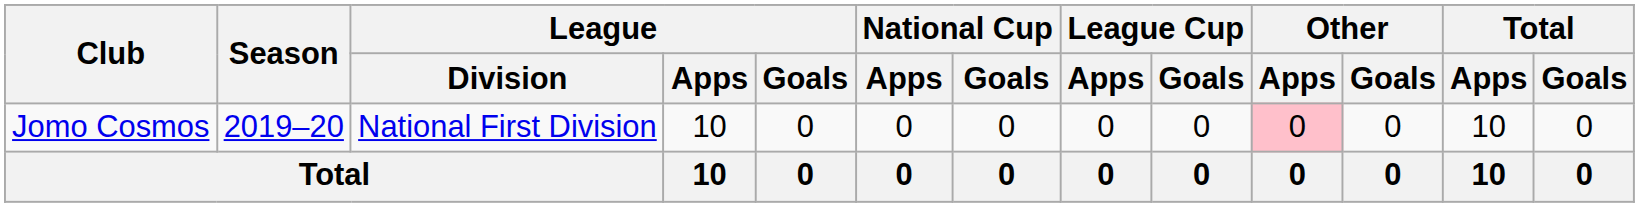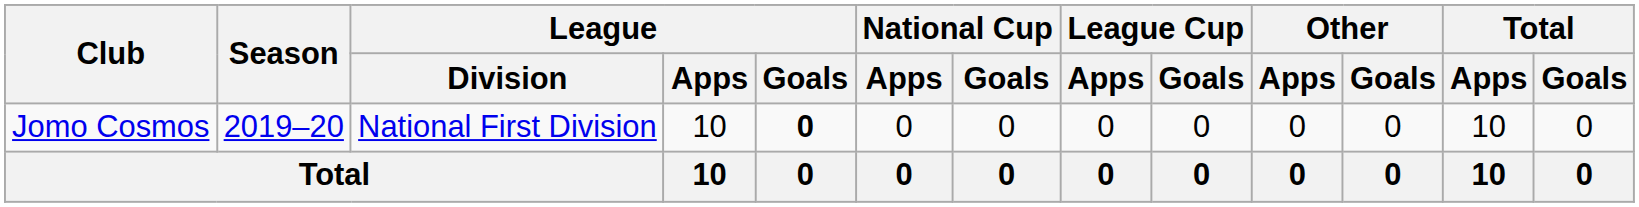 <table class="wikitable" style="text-align: center">
 <tr>
 <th rowspan="2">Club</th>
 <th rowspan="2">Season</th>
 <th colspan="3">League</th>
 <th colspan="2">National Cup</th>
 <th colspan="2">League Cup</th>
 <th colspan="2">Other</th>
 <th colspan="2">Total</th>
 </tr>
 <tr>
 <th>Division</th>
 <th>Apps</th>
 <th>Goals</th>
 <th>Apps</th>
 <th>Goals</th>
 <th>Apps</th>
 <th>Goals</th>
 <th>Apps</th>
 <th>Goals</th>
 <th>Apps</th>
 <th>Goals</th>
 </tr>
 <tr>
 <td><a href='#'>Jomo Cosmos</a></td>
 <td><a href='#'>2019–20</a></td>
 <td><a href='#'>National First Division</a></td>
 <td>10</td>
+<td><strong>0</strong></td>
 <td>0</td>
 <td>0</td>
 <td>0</td>
 <td>0</td>
 <td>0</td>
-<td style="background: pink;">0</td>
 <td>0</td>
 <td>10</td>
 <td>0</td>
 </tr>
 <tr>
 <th colspan="3">Total</th>
 <th>10</th>
 <th>0</th>
 <th>0</th>
 <th>0</th>
 <th>0</th>
 <th>0</th>
 <th>0</th>
 <th>0</th>
 <th>10</th>
 <th>0</th>
 </tr>
 </table>
